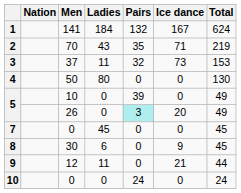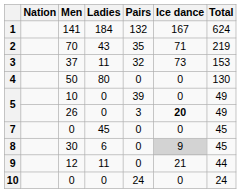 <table class="wikitable sortable" style="text-align:center">
 <tr>
 <th scope="col"></th>
 <th scope="col">Nation</th>
 <th scope="col">Men</th>
 <th scope="col">Ladies</th>
 <th scope="col">Pairs</th>
 <th scope="col">Ice dance</th>
 <th scope="col">Total</th>
 </tr>
 <tr>
 <th scope="row">1</th>
 <td style="text-align:left"></td>
 <td>141</td>
 <td>184</td>
 <td>132</td>
 <td>167</td>
 <td>624</td>
 </tr>
 <tr>
 <th scope="row">2</th>
 <td style="text-align:left"></td>
 <td>70</td>
 <td>43</td>
 <td>35</td>
 <td>71</td>
 <td>219</td>
 </tr>
 <tr>
 <th scope="row">3</th>
 <td style="text-align:left"></td>
 <td>37</td>
 <td>11</td>
 <td>32</td>
 <td>73</td>
 <td>153</td>
 </tr>
 <tr>
 <th scope="row">4</th>
 <td style="text-align:left"></td>
 <td>50</td>
 <td>80</td>
 <td>0</td>
 <td>0</td>
 <td>130</td>
 </tr>
 <tr>
 <th scope="row" rowspan="2">5</th>
 <td style="text-align:left"></td>
 <td>10</td>
 <td>0</td>
 <td>39</td>
 <td>0</td>
 <td>49</td>
 </tr>
 <tr>
 <td style="text-align:left"></td>
 <td>26</td>
 <td>0</td>
-<td style="background: paleturquoise;">3</td>
-<td>20</td>
+<td>3</td>
+<td><strong>20</strong></td>
 <td>49</td>
 </tr>
 <tr>
 <th scope="row">7</th>
 <td style="text-align:left"></td>
 <td>0</td>
 <td>45</td>
 <td>0</td>
 <td>0</td>
 <td>45</td>
 </tr>
 <tr>
 <th scope="row">8</th>
 <td style="text-align:left"></td>
 <td>30</td>
 <td>6</td>
 <td>0</td>
-<td>9</td>
+<td style="background: lightgrey;">9</td>
 <td>45</td>
 </tr>
 <tr>
 <th scope="row">9</th>
 <td style="text-align:left"></td>
 <td>12</td>
 <td>11</td>
 <td>0</td>
 <td>21</td>
 <td>44</td>
 </tr>
 <tr>
 <th scope="row">10</th>
 <td style="text-align:left"></td>
 <td>0</td>
 <td>0</td>
 <td>24</td>
 <td>0</td>
 <td>24</td>
 </tr>
 </table>
